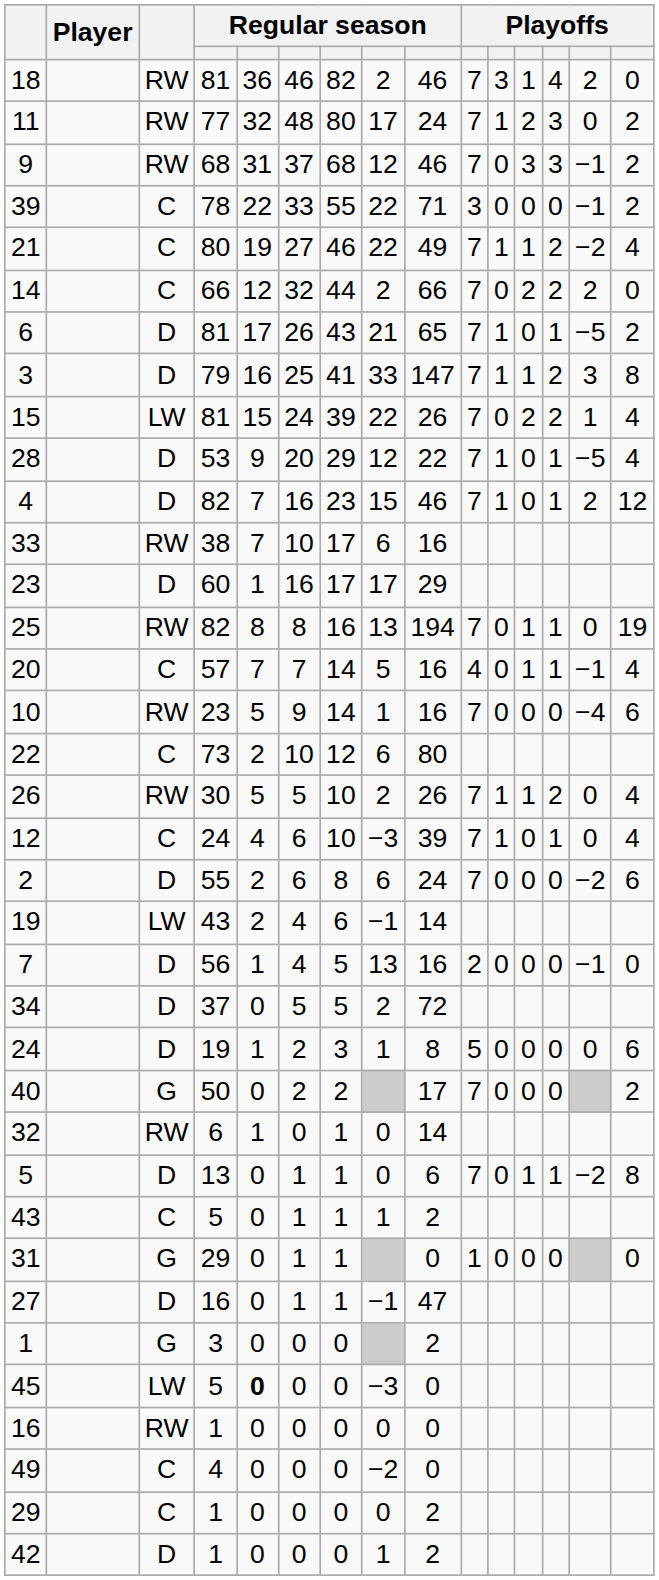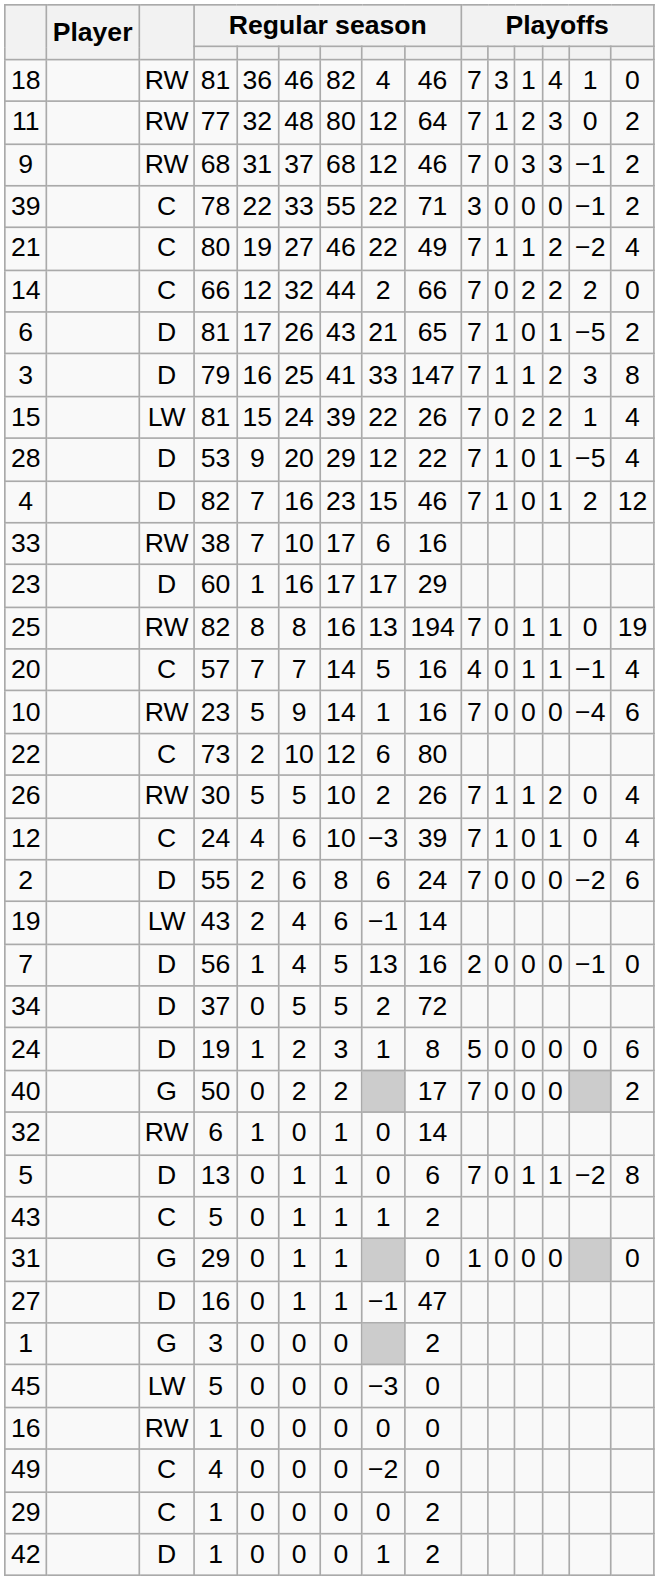 <table class="wikitable sortable plainrowheaders" style="text-align:center;">
 <tr>
 <th scope="col" data-sort-type="number" rowspan="2"></th>
 <th scope="col" rowspan="2">Player</th>
 <th scope="col" rowspan="2"></th>
 <th scope=colgroup colspan=6>Regular season</th>
 <th scope=colgroup colspan=6>Playoffs</th>
 </tr>
 <tr>
 <th scope="col" data-sort-type="number"></th>
 <th scope="col" data-sort-type="number"></th>
 <th scope="col" data-sort-type="number"></th>
 <th scope="col" data-sort-type="number"></th>
 <th scope="col" data-sort-type="number"></th>
 <th scope="col" data-sort-type="number"></th>
 <th scope="col" data-sort-type="number"></th>
 <th scope="col" data-sort-type="number"></th>
 <th scope="col" data-sort-type="number"></th>
 <th scope="col" data-sort-type="number"></th>
 <th scope="col" data-sort-type="number"></th>
 <th scope="col" data-sort-type="number"></th>
 </tr>
 <tr>
 <td scope="row">18</td>
 <td align="left"></td>
 <td>RW</td>
 <td>81</td>
 <td>36</td>
 <td>46</td>
 <td>82</td>
-<td>2</td>
+<td>4</td>
 <td>46</td>
 <td>7</td>
 <td>3</td>
 <td>1</td>
 <td>4</td>
-<td>2</td>
+<td>1</td>
 <td>0</td>
 </tr>
 <tr>
 <td scope="row">11</td>
 <td align="left"></td>
 <td>RW</td>
 <td>77</td>
 <td>32</td>
 <td>48</td>
 <td>80</td>
-<td>17</td>
-<td>24</td>
+<td>12</td>
+<td>64</td>
 <td>7</td>
 <td>1</td>
 <td>2</td>
 <td>3</td>
 <td>0</td>
 <td>2</td>
 </tr>
 <tr>
 <td scope="row">9</td>
 <td align="left"></td>
 <td>RW</td>
 <td>68</td>
 <td>31</td>
 <td>37</td>
 <td>68</td>
 <td>12</td>
 <td>46</td>
 <td>7</td>
 <td>0</td>
 <td>3</td>
 <td>3</td>
 <td>−1</td>
 <td>2</td>
 </tr>
 <tr>
 <td scope="row">39</td>
 <td align="left"></td>
 <td>C</td>
 <td>78</td>
 <td>22</td>
 <td>33</td>
 <td>55</td>
 <td>22</td>
 <td>71</td>
 <td>3</td>
 <td>0</td>
 <td>0</td>
 <td>0</td>
 <td>−1</td>
 <td>2</td>
 </tr>
 <tr>
 <td scope="row">21</td>
 <td align="left"></td>
 <td>C</td>
 <td>80</td>
 <td>19</td>
 <td>27</td>
 <td>46</td>
 <td>22</td>
 <td>49</td>
 <td>7</td>
 <td>1</td>
 <td>1</td>
 <td>2</td>
 <td>−2</td>
 <td>4</td>
 </tr>
 <tr>
 <td scope="row">14</td>
 <td align="left"></td>
 <td>C</td>
 <td>66</td>
 <td>12</td>
 <td>32</td>
 <td>44</td>
 <td>2</td>
 <td>66</td>
 <td>7</td>
 <td>0</td>
 <td>2</td>
 <td>2</td>
 <td>2</td>
 <td>0</td>
 </tr>
 <tr>
 <td scope="row">6</td>
 <td align="left"></td>
 <td>D</td>
 <td>81</td>
 <td>17</td>
 <td>26</td>
 <td>43</td>
 <td>21</td>
 <td>65</td>
 <td>7</td>
 <td>1</td>
 <td>0</td>
 <td>1</td>
 <td>−5</td>
 <td>2</td>
 </tr>
 <tr>
 <td scope="row">3</td>
 <td align="left"></td>
 <td>D</td>
 <td>79</td>
 <td>16</td>
 <td>25</td>
 <td>41</td>
 <td>33</td>
 <td>147</td>
 <td>7</td>
 <td>1</td>
 <td>1</td>
 <td>2</td>
 <td>3</td>
 <td>8</td>
 </tr>
 <tr>
 <td scope="row">15</td>
 <td align="left"></td>
 <td>LW</td>
 <td>81</td>
 <td>15</td>
 <td>24</td>
 <td>39</td>
 <td>22</td>
 <td>26</td>
 <td>7</td>
 <td>0</td>
 <td>2</td>
 <td>2</td>
 <td>1</td>
 <td>4</td>
 </tr>
 <tr>
 <td scope="row">28</td>
 <td align="left"></td>
 <td>D</td>
 <td>53</td>
 <td>9</td>
 <td>20</td>
 <td>29</td>
 <td>12</td>
 <td>22</td>
 <td>7</td>
 <td>1</td>
 <td>0</td>
 <td>1</td>
 <td>−5</td>
 <td>4</td>
 </tr>
 <tr>
 <td scope="row">4</td>
 <td align="left"></td>
 <td>D</td>
 <td>82</td>
 <td>7</td>
 <td>16</td>
 <td>23</td>
 <td>15</td>
 <td>46</td>
 <td>7</td>
 <td>1</td>
 <td>0</td>
 <td>1</td>
 <td>2</td>
 <td>12</td>
 </tr>
 <tr>
 <td scope="row">33</td>
 <td align="left"></td>
 <td>RW</td>
 <td>38</td>
 <td>7</td>
 <td>10</td>
 <td>17</td>
 <td>6</td>
 <td>16</td>
 <td></td>
 <td></td>
 <td></td>
 <td></td>
 <td></td>
 <td></td>
 </tr>
 <tr>
 <td scope="row">23</td>
 <td align="left"></td>
 <td>D</td>
 <td>60</td>
 <td>1</td>
 <td>16</td>
 <td>17</td>
 <td>17</td>
 <td>29</td>
 <td></td>
 <td></td>
 <td></td>
 <td></td>
 <td></td>
 <td></td>
 </tr>
 <tr>
 <td scope="row">25</td>
 <td align="left"></td>
 <td>RW</td>
 <td>82</td>
 <td>8</td>
 <td>8</td>
 <td>16</td>
 <td>13</td>
 <td>194</td>
 <td>7</td>
 <td>0</td>
 <td>1</td>
 <td>1</td>
 <td>0</td>
 <td>19</td>
 </tr>
 <tr>
 <td scope="row">20</td>
 <td align="left"></td>
 <td>C</td>
 <td>57</td>
 <td>7</td>
 <td>7</td>
 <td>14</td>
 <td>5</td>
 <td>16</td>
 <td>4</td>
 <td>0</td>
 <td>1</td>
 <td>1</td>
 <td>−1</td>
 <td>4</td>
 </tr>
 <tr>
 <td scope="row">10</td>
 <td align="left"></td>
 <td>RW</td>
 <td>23</td>
 <td>5</td>
 <td>9</td>
 <td>14</td>
 <td>1</td>
 <td>16</td>
 <td>7</td>
 <td>0</td>
 <td>0</td>
 <td>0</td>
 <td>−4</td>
 <td>6</td>
 </tr>
 <tr>
 <td scope="row">22</td>
 <td align="left"></td>
 <td>C</td>
 <td>73</td>
 <td>2</td>
 <td>10</td>
 <td>12</td>
 <td>6</td>
 <td>80</td>
 <td></td>
 <td></td>
 <td></td>
 <td></td>
 <td></td>
 <td></td>
 </tr>
 <tr>
 <td scope="row">26</td>
 <td align="left"></td>
 <td>RW</td>
 <td>30</td>
 <td>5</td>
 <td>5</td>
 <td>10</td>
 <td>2</td>
 <td>26</td>
 <td>7</td>
 <td>1</td>
 <td>1</td>
 <td>2</td>
 <td>0</td>
 <td>4</td>
 </tr>
 <tr>
 <td scope="row">12</td>
 <td align="left"></td>
 <td>C</td>
 <td>24</td>
 <td>4</td>
 <td>6</td>
 <td>10</td>
 <td>−3</td>
 <td>39</td>
 <td>7</td>
 <td>1</td>
 <td>0</td>
 <td>1</td>
 <td>0</td>
 <td>4</td>
 </tr>
 <tr>
 <td scope="row">2</td>
 <td align="left"></td>
 <td>D</td>
 <td>55</td>
 <td>2</td>
 <td>6</td>
 <td>8</td>
 <td>6</td>
 <td>24</td>
 <td>7</td>
 <td>0</td>
 <td>0</td>
 <td>0</td>
 <td>−2</td>
 <td>6</td>
 </tr>
 <tr>
 <td scope="row">19</td>
 <td align="left"></td>
 <td>LW</td>
 <td>43</td>
 <td>2</td>
 <td>4</td>
 <td>6</td>
 <td>−1</td>
 <td>14</td>
 <td></td>
 <td></td>
 <td></td>
 <td></td>
 <td></td>
 <td></td>
 </tr>
 <tr>
 <td scope="row">7</td>
 <td align="left"></td>
 <td>D</td>
 <td>56</td>
 <td>1</td>
 <td>4</td>
 <td>5</td>
 <td>13</td>
 <td>16</td>
 <td>2</td>
 <td>0</td>
 <td>0</td>
 <td>0</td>
 <td>−1</td>
 <td>0</td>
 </tr>
 <tr>
 <td scope="row">34</td>
 <td align="left"></td>
 <td>D</td>
 <td>37</td>
 <td>0</td>
 <td>5</td>
 <td>5</td>
 <td>2</td>
 <td>72</td>
 <td></td>
 <td></td>
 <td></td>
 <td></td>
 <td></td>
 <td></td>
 </tr>
 <tr>
 <td scope="row">24</td>
 <td align="left"></td>
 <td>D</td>
 <td>19</td>
 <td>1</td>
 <td>2</td>
 <td>3</td>
 <td>1</td>
 <td>8</td>
 <td>5</td>
 <td>0</td>
 <td>0</td>
 <td>0</td>
 <td>0</td>
 <td>6</td>
 </tr>
 <tr>
 <td scope="row">40</td>
 <td align="left"></td>
 <td>G</td>
 <td>50</td>
 <td>0</td>
 <td>2</td>
 <td>2</td>
 <td style="background:#ccc"></td>
 <td>17</td>
 <td>7</td>
 <td>0</td>
 <td>0</td>
 <td>0</td>
 <td style="background:#ccc"></td>
 <td>2</td>
 </tr>
 <tr>
 <td scope="row">32</td>
 <td align="left"></td>
 <td>RW</td>
 <td>6</td>
 <td>1</td>
 <td>0</td>
 <td>1</td>
 <td>0</td>
 <td>14</td>
 <td></td>
 <td></td>
 <td></td>
 <td></td>
 <td></td>
 <td></td>
 </tr>
 <tr>
 <td scope="row">5</td>
 <td align="left"></td>
 <td>D</td>
 <td>13</td>
 <td>0</td>
 <td>1</td>
 <td>1</td>
 <td>0</td>
 <td>6</td>
 <td>7</td>
 <td>0</td>
 <td>1</td>
 <td>1</td>
 <td>−2</td>
 <td>8</td>
 </tr>
 <tr>
 <td scope="row">43</td>
 <td align="left"></td>
 <td>C</td>
 <td>5</td>
 <td>0</td>
 <td>1</td>
 <td>1</td>
 <td>1</td>
 <td>2</td>
 <td></td>
 <td></td>
 <td></td>
 <td></td>
 <td></td>
 <td></td>
 </tr>
 <tr>
 <td scope="row">31</td>
 <td align="left"></td>
 <td>G</td>
 <td>29</td>
 <td>0</td>
 <td>1</td>
 <td>1</td>
 <td style="background:#ccc"></td>
 <td>0</td>
 <td>1</td>
 <td>0</td>
 <td>0</td>
 <td>0</td>
 <td style="background:#ccc"></td>
 <td>0</td>
 </tr>
 <tr>
 <td scope="row">27</td>
 <td align="left"></td>
 <td>D</td>
 <td>16</td>
 <td>0</td>
 <td>1</td>
 <td>1</td>
 <td>−1</td>
 <td>47</td>
 <td></td>
 <td></td>
 <td></td>
 <td></td>
 <td></td>
 <td></td>
 </tr>
 <tr>
 <td scope="row">1</td>
 <td align="left"></td>
 <td>G</td>
 <td>3</td>
 <td>0</td>
 <td>0</td>
 <td>0</td>
 <td style="background:#ccc"></td>
 <td>2</td>
 <td></td>
 <td></td>
 <td></td>
 <td></td>
 <td></td>
 <td></td>
 </tr>
 <tr>
 <td scope="row">45</td>
 <td align="left"></td>
 <td>LW</td>
 <td>5</td>
-<td><strong>0</strong></td>
+<td>0</td>
 <td>0</td>
 <td>0</td>
 <td>−3</td>
 <td>0</td>
 <td></td>
 <td></td>
 <td></td>
 <td></td>
 <td></td>
 <td></td>
 </tr>
 <tr>
 <td scope="row">16</td>
 <td align="left"></td>
 <td>RW</td>
 <td>1</td>
 <td>0</td>
 <td>0</td>
 <td>0</td>
 <td>0</td>
 <td>0</td>
 <td></td>
 <td></td>
 <td></td>
 <td></td>
 <td></td>
 <td></td>
 </tr>
 <tr>
 <td scope="row">49</td>
 <td align="left"></td>
 <td>C</td>
 <td>4</td>
 <td>0</td>
 <td>0</td>
 <td>0</td>
 <td>−2</td>
 <td>0</td>
 <td></td>
 <td></td>
 <td></td>
 <td></td>
 <td></td>
 <td></td>
 </tr>
 <tr>
 <td scope="row">29</td>
 <td align="left"></td>
 <td>C</td>
 <td>1</td>
 <td>0</td>
 <td>0</td>
 <td>0</td>
 <td>0</td>
 <td>2</td>
 <td></td>
 <td></td>
 <td></td>
 <td></td>
 <td></td>
 <td></td>
 </tr>
 <tr>
 <td scope="row">42</td>
 <td align="left"></td>
 <td>D</td>
 <td>1</td>
 <td>0</td>
 <td>0</td>
 <td>0</td>
 <td>1</td>
 <td>2</td>
 <td></td>
 <td></td>
 <td></td>
 <td></td>
 <td></td>
 <td></td>
 </tr>
 </table>
